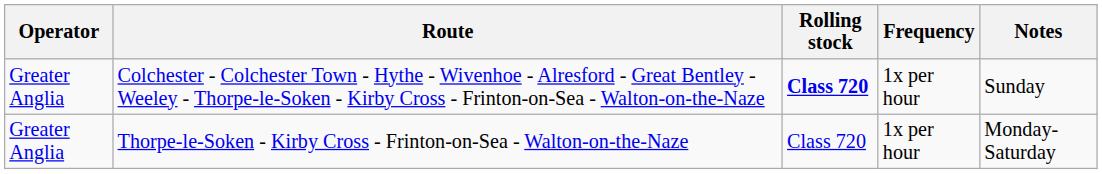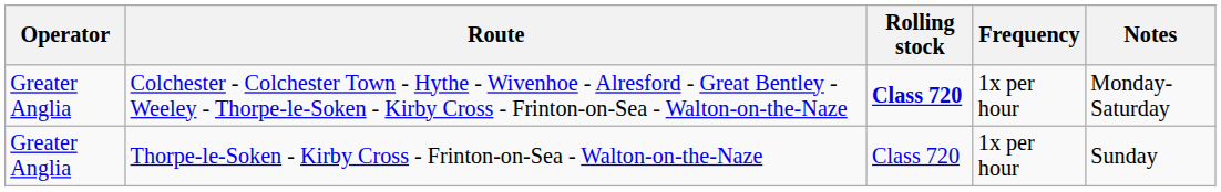 <table class="wikitable vatop">
 <tr>
 <th>Operator</th>
 <th>Route</th>
 <th>Rolling stock</th>
 <th>Frequency</th>
 <th>Notes</th>
 </tr>
 <tr>
 <td><a href='#'>Greater Anglia</a></td>
 <td><a href='#'>Colchester</a> - <a href='#'>Colchester Town</a> - <a href='#'>Hythe</a> - <a href='#'>Wivenhoe</a> - <a href='#'>Alresford</a> - <a href='#'>Great Bentley</a> - <a href='#'>Weeley</a> - <a href='#'>Thorpe-le-Soken</a> - <a href='#'>Kirby Cross</a> - Frinton-on-Sea - <a href='#'>Walton-on-the-Naze</a></td>
 <td><strong><a href='#'>Class 720</a></strong></td>
 <td>1x per hour</td>
-<td>Sunday</td>
+<td>Monday-Saturday</td>
 </tr>
 <tr>
 <td><a href='#'>Greater Anglia</a></td>
 <td><a href='#'>Thorpe-le-Soken</a> - <a href='#'>Kirby Cross</a> - Frinton-on-Sea - <a href='#'>Walton-on-the-Naze</a></td>
 <td><a href='#'>Class 720</a></td>
 <td>1x per hour</td>
-<td>Monday-Saturday</td>
+<td>Sunday</td>
 </tr>
 </table>
